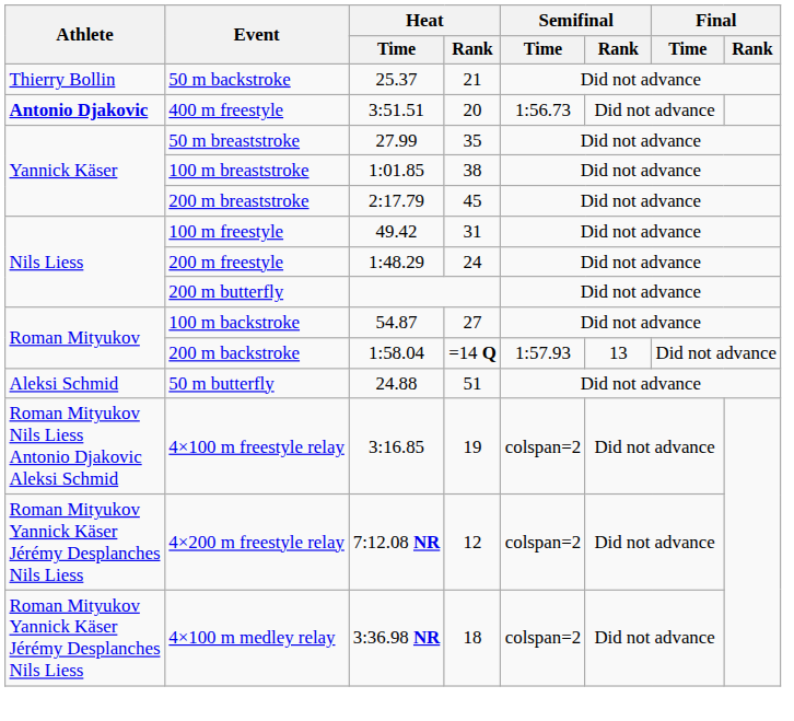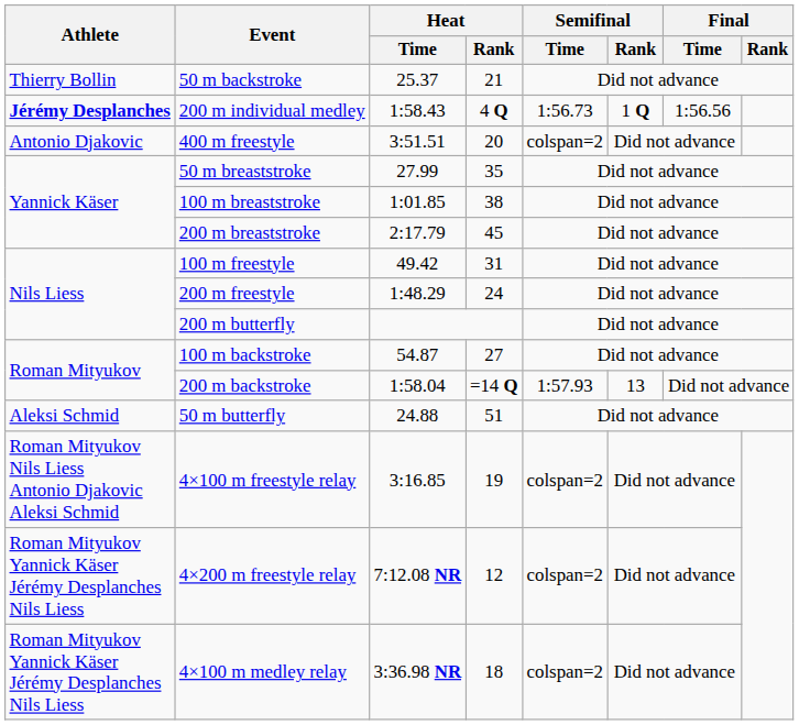 <table class="wikitable" style="text-align:center; font-size:90%">
 <tr>
 <th rowspan="2">Athlete</th>
 <th rowspan="2">Event</th>
 <th colspan="2">Heat</th>
 <th colspan="2">Semifinal</th>
 <th colspan="2">Final</th>
 </tr>
 <tr style="font-size:95%">
 <th>Time</th>
 <th>Rank</th>
 <th>Time</th>
 <th>Rank</th>
 <th>Time</th>
 <th>Rank</th>
 </tr>
 <tr>
 <td align=left><a href='#'>Thierry Bollin</a></td>
 <td align=left><a href='#'>50 m backstroke</a></td>
 <td>25.37</td>
 <td>21</td>
 <td colspan=4>Did not advance</td>
 </tr>
 <tr>
-<td align=left><strong><a href='#'>Antonio Djakovic</a></strong></td>
+<td align=left><strong><a href='#'>Jérémy Desplanches</a></strong></td>
+<td align=left><a href='#'>200 m individual medley</a></td>
+<td>1:58.43</td>
+<td>4 <strong>Q</strong></td>
+<td>1:56.73</td>
+<td>1 <strong>Q</strong></td>
+<td>1:56.56</td>
+<td></td>
+</tr>
+<tr>
+<td align=left><a href='#'>Antonio Djakovic</a></td>
 <td align=left><a href='#'>400 m freestyle</a></td>
 <td>3:51.51</td>
 <td>20</td>
-<td>1:56.73</td>
+<td>colspan=2 </td>
 <td colspan=2>Did not advance</td>
 </tr>
 <tr>
 <td align=left rowspan=3><a href='#'>Yannick Käser</a></td>
 <td align=left><a href='#'>50 m breaststroke</a></td>
 <td>27.99</td>
 <td>35</td>
 <td colspan=4>Did not advance</td>
 </tr>
 <tr>
 <td align=left><a href='#'>100 m breaststroke</a></td>
 <td>1:01.85</td>
 <td>38</td>
 <td colspan=4>Did not advance</td>
 </tr>
 <tr>
 <td align=left><a href='#'>200 m breaststroke</a></td>
 <td>2:17.79</td>
 <td>45</td>
 <td colspan=4>Did not advance</td>
 </tr>
 <tr>
 <td align=left rowspan=3><a href='#'>Nils Liess</a></td>
 <td align=left><a href='#'>100 m freestyle</a></td>
 <td>49.42</td>
 <td>31</td>
 <td colspan=4>Did not advance</td>
 </tr>
 <tr>
 <td align=left><a href='#'>200 m freestyle</a></td>
 <td>1:48.29</td>
 <td>24</td>
 <td colspan=4>Did not advance</td>
 </tr>
 <tr>
 <td align=left><a href='#'>200 m butterfly</a></td>
 <td colspan=2></td>
 <td colspan=4>Did not advance</td>
 </tr>
 <tr>
 <td align=left rowspan=2><a href='#'>Roman Mityukov</a></td>
 <td align=left><a href='#'>100 m backstroke</a></td>
 <td>54.87</td>
 <td>27</td>
 <td colspan=4>Did not advance</td>
 </tr>
 <tr>
 <td align=left><a href='#'>200 m backstroke</a></td>
 <td>1:58.04</td>
 <td>=14 <strong>Q</strong></td>
 <td>1:57.93</td>
 <td>13</td>
 <td colspan=2>Did not advance</td>
 </tr>
 <tr>
 <td align=left><a href='#'>Aleksi Schmid</a></td>
 <td align=left><a href='#'>50 m butterfly</a></td>
 <td>24.88</td>
 <td>51</td>
 <td colspan=4>Did not advance</td>
 </tr>
 <tr>
 <td align=left><a href='#'>Roman Mityukov</a><br><a href='#'>Nils Liess</a><br><a href='#'>Antonio Djakovic</a><br><a href='#'>Aleksi Schmid</a></td>
 <td align=left><a href='#'>4×100 m freestyle relay</a></td>
 <td>3:16.85</td>
 <td>19</td>
 <td>colspan=2 </td>
 <td colspan=2>Did not advance</td>
 </tr>
 <tr>
 <td align=left><a href='#'>Roman Mityukov</a><br><a href='#'>Yannick Käser</a><br><a href='#'>Jérémy Desplanches</a><br><a href='#'>Nils Liess</a></td>
 <td align=left><a href='#'>4×200 m freestyle relay</a></td>
 <td>7:12.08 <strong><a href='#'>NR</a></strong></td>
 <td>12</td>
 <td>colspan=2 </td>
 <td colspan=2>Did not advance</td>
 </tr>
 <tr>
 <td align=left><a href='#'>Roman Mityukov</a><br><a href='#'>Yannick Käser</a><br><a href='#'>Jérémy Desplanches</a><br><a href='#'>Nils Liess</a></td>
 <td align=left><a href='#'>4×100 m medley relay</a></td>
 <td>3:36.98 <strong><a href='#'>NR</a></strong></td>
 <td>18</td>
 <td>colspan=2 </td>
 <td colspan=2>Did not advance</td>
 </tr>
 </table>
